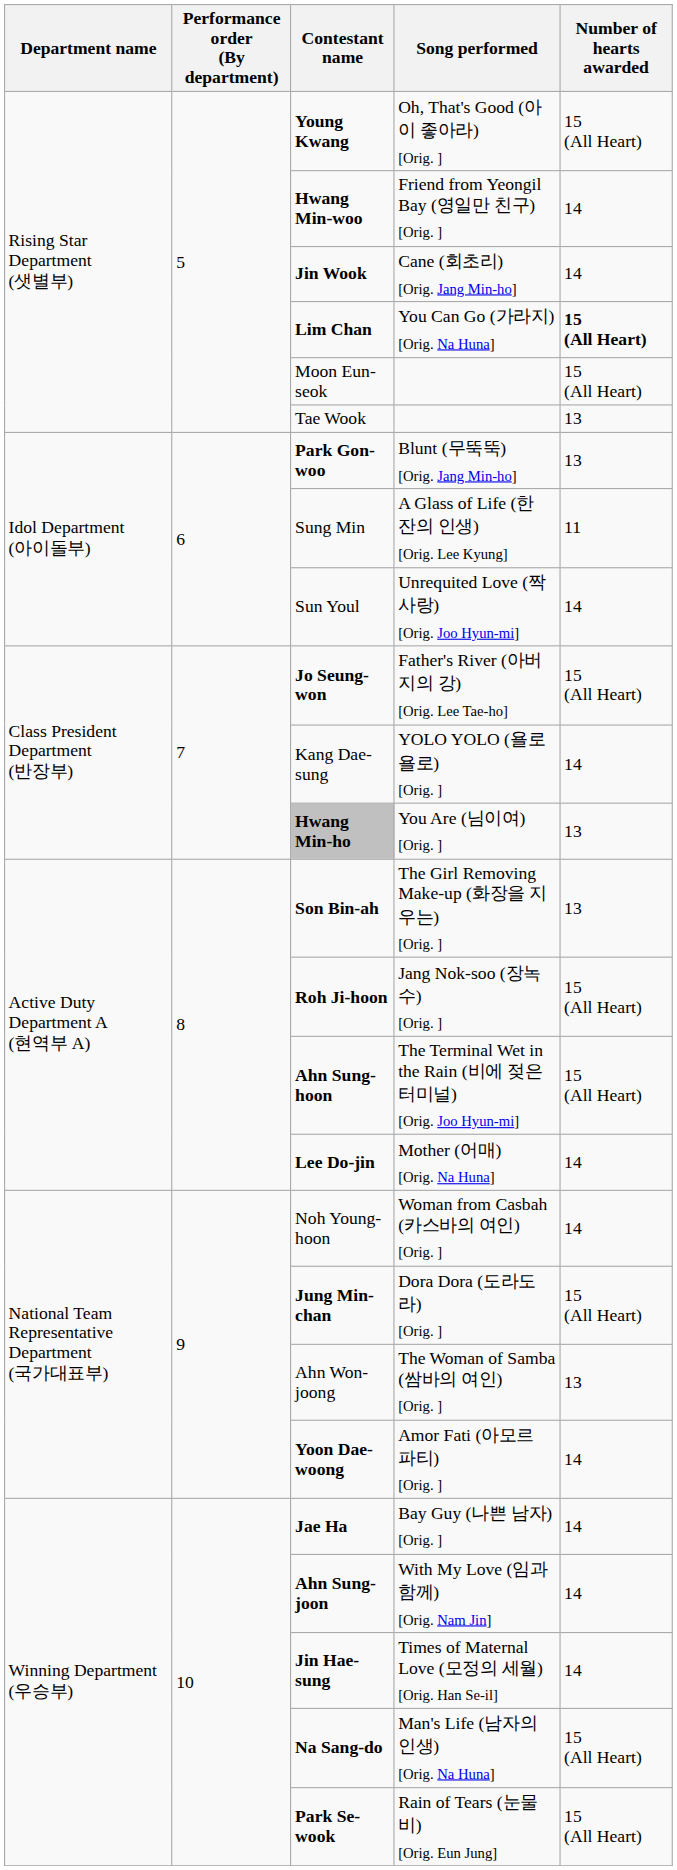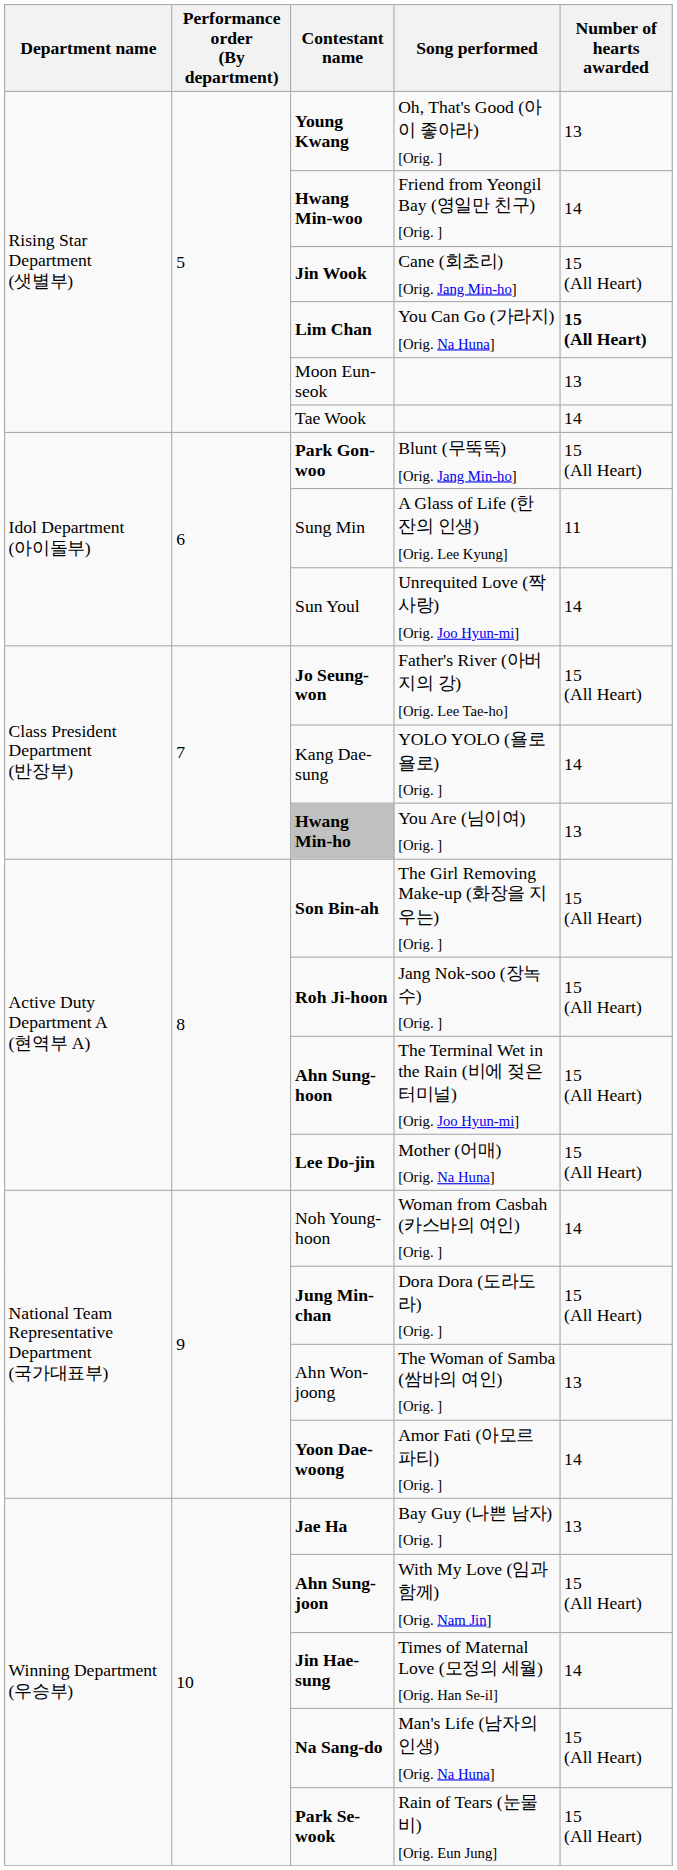 <table class="wikitable">
 <tr>
 <th>Department name</th>
 <th>Performance order<br>(By department)</th>
 <th>Contestant name</th>
 <th>Song performed</th>
 <th>Number of hearts awarded</th>
 </tr>
 <tr>
 <td rowspan=6>Rising Star Department<br>(샛별부)</td>
 <td rowspan=6>5</td>
 <td><strong>Young Kwang</strong></td>
 <td>Oh, That's Good (아이 좋아라)<br><sub>[Orig. ]</sub></td>
-<td>15<br>(All Heart)</td>
+<td>13</td>
 </tr>
 <tr>
 <td><strong>Hwang Min-woo</strong></td>
 <td>Friend from Yeongil Bay (영일만 친구)<br><sub>[Orig. ]</sub></td>
 <td>14</td>
 </tr>
 <tr>
 <td><strong>Jin Wook</strong></td>
 <td>Cane (회초리)<br><sub>[Orig. <a href='#'>Jang Min-ho</a>]</sub></td>
-<td>14</td>
+<td>15<br>(All Heart)</td>
 </tr>
 <tr>
 <td><strong>Lim Chan</strong></td>
 <td>You Can Go (가라지)<br><sub>[Orig. <a href='#'>Na Huna</a>]</sub></td>
 <td><strong>15<br>(All Heart)</strong></td>
 </tr>
 <tr>
 <td>Moon Eun-seok</td>
 <td></td>
-<td>15<br>(All Heart)</td>
+<td>13</td>
 </tr>
 <tr>
 <td>Tae Wook</td>
 <td></td>
-<td>13</td>
+<td>14</td>
 </tr>
 <tr>
 <td rowspan=3>Idol Department<br>(아이돌부)</td>
 <td rowspan="3">6</td>
 <td><strong>Park Gon-woo</strong></td>
 <td>Blunt (무뚝뚝)<br><sub>[Orig. <a href='#'>Jang Min-ho</a>]</sub></td>
-<td>13</td>
+<td>15<br>(All Heart)</td>
 </tr>
 <tr>
 <td>Sung Min</td>
 <td>A Glass of Life (한 잔의 인생)<br><sub>[Orig. Lee Kyung]</sub></td>
 <td>11</td>
 </tr>
 <tr>
 <td>Sun Youl</td>
 <td>Unrequited Love (짝사랑)<br><sub>[Orig. <a href='#'>Joo Hyun-mi</a>]</sub></td>
 <td>14</td>
 </tr>
 <tr>
 <td rowspan=3>Class President Department<br>(반장부)</td>
 <td rowspan=3>7</td>
 <td><strong>Jo Seung-won</strong></td>
 <td>Father's River (아버지의 강)<br><sub>[Orig. Lee Tae-ho]</sub></td>
 <td>15<br>(All Heart)</td>
 </tr>
 <tr>
 <td>Kang Dae-sung</td>
 <td>YOLO YOLO (욜로욜로)<br><sub>[Orig. ]</sub></td>
 <td>14</td>
 </tr>
 <tr>
 <td style="background: silver; color: black;"><strong>Hwang Min-ho</strong></td>
 <td>You Are (님이여)<br><sub>[Orig. ]</sub></td>
 <td>13</td>
 </tr>
 <tr>
 <td rowspan=4>Active Duty Department A<br>(현역부 A)</td>
 <td rowspan=4>8</td>
 <td><strong>Son Bin-ah</strong></td>
 <td>The Girl Removing Make-up (화장을 지우는)<br><sub>[Orig. ]</sub></td>
-<td>13</td>
+<td>15<br>(All Heart)</td>
 </tr>
 <tr>
 <td><strong>Roh Ji-hoon</strong></td>
 <td>Jang Nok-soo (장녹수)<br><sub>[Orig. ]</sub></td>
 <td>15<br>(All Heart)</td>
 </tr>
 <tr>
 <td><strong>Ahn Sung-hoon</strong></td>
 <td>The Terminal Wet in the Rain (비에 젖은 터미널)<br><sub>[Orig. <a href='#'>Joo Hyun-mi</a>]</sub></td>
 <td>15<br>(All Heart)</td>
 </tr>
 <tr>
 <td><strong>Lee Do-jin</strong></td>
 <td>Mother (어매)<br><sub>[Orig. <a href='#'>Na Huna</a>]</sub></td>
-<td>14</td>
+<td>15<br>(All Heart)</td>
 </tr>
 <tr>
 <td rowspan=4>National Team Representative Department<br>(국가대표부)</td>
 <td rowspan=4>9</td>
 <td>Noh Young-hoon</td>
 <td>Woman from Casbah (카스바의 여인)<br><sub>[Orig. ]</sub></td>
 <td>14</td>
 </tr>
 <tr>
 <td><strong>Jung Min-chan</strong></td>
 <td>Dora Dora (도라도라)<br><sub>[Orig. ]</sub></td>
 <td>15<br>(All Heart)</td>
 </tr>
 <tr>
 <td>Ahn Won-joong</td>
 <td>The Woman of Samba (쌈바의 여인)<br><sub>[Orig. ]</sub></td>
 <td>13</td>
 </tr>
 <tr>
 <td><strong>Yoon Dae-woong</strong></td>
 <td>Amor Fati (아모르 파티)<br><sub>[Orig. ]</sub></td>
 <td>14</td>
 </tr>
 <tr>
 <td rowspan=5>Winning Department<br>(우승부)</td>
 <td rowspan=5>10</td>
 <td><strong>Jae Ha</strong></td>
 <td>Bay Guy (나쁜 남자)<br><sub>[Orig. ]</sub></td>
-<td>14</td>
+<td>13</td>
 </tr>
 <tr>
 <td><strong>Ahn Sung-joon</strong></td>
 <td>With My Love (임과 함께)<br><sub>[Orig. <a href='#'>Nam Jin</a>]</sub></td>
-<td>14</td>
+<td>15<br>(All Heart)</td>
 </tr>
 <tr>
 <td><strong>Jin Hae-sung</strong></td>
 <td>Times of Maternal Love (모정의 세월)<br><sub>[Orig. Han Se-il]</sub></td>
 <td>14</td>
 </tr>
 <tr>
 <td><strong>Na Sang-do</strong></td>
 <td>Man's Life (남자의 인생)<br><sub>[Orig. <a href='#'>Na Huna</a>]</sub></td>
 <td>15<br>(All Heart)</td>
 </tr>
 <tr>
 <td><strong>Park Se-wook</strong></td>
 <td>Rain of Tears (눈물비)<br><sub>[Orig. Eun Jung]</sub></td>
 <td>15<br>(All Heart)</td>
 </tr>
 </table>
